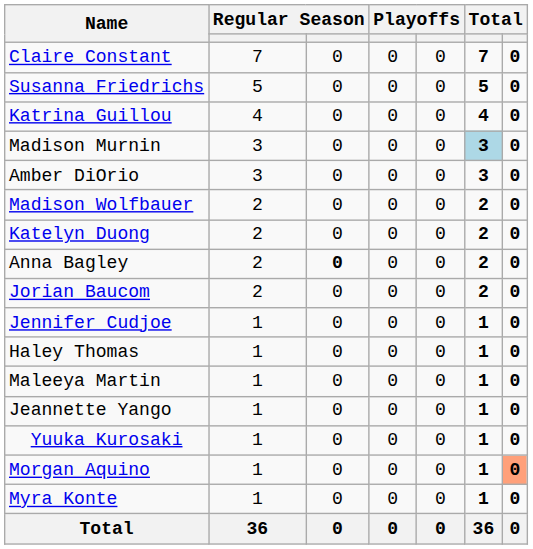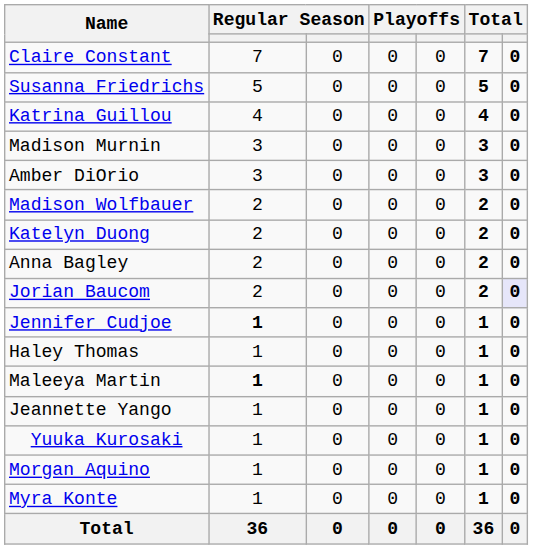 <table class="wikitable sortable" style="text-align: center;">
 <tr>
 <th rowspan="2">Name</th>
 <th colspan="2">Regular Season</th>
 <th colspan="2">Playoffs</th>
 <th colspan="2">Total</th>
 </tr>
 <tr>
 <th></th>
 <th></th>
 <th></th>
 <th></th>
 <th></th>
 <th></th>
 </tr>
 <tr>
 <td align="left"> <a href='#'>Claire Constant</a></td>
 <td>7</td>
 <td>0</td>
 <td>0</td>
 <td>0</td>
 <td><strong>7</strong></td>
 <td><strong>0</strong></td>
 </tr>
 <tr>
 <td align="left"> <a href='#'>Susanna Friedrichs</a></td>
 <td>5</td>
 <td>0</td>
 <td>0</td>
 <td>0</td>
 <td><strong>5</strong></td>
 <td><strong>0</strong></td>
 </tr>
 <tr>
 <td align="left"> <a href='#'>Katrina Guillou</a></td>
 <td>4</td>
 <td>0</td>
 <td>0</td>
 <td>0</td>
 <td><strong>4</strong></td>
 <td><strong>0</strong></td>
 </tr>
 <tr>
 <td align="left"> Madison Murnin</td>
 <td>3</td>
 <td>0</td>
 <td>0</td>
 <td>0</td>
-<td style="background: lightblue;"><strong>3</strong></td>
+<td><strong>3</strong></td>
 <td><strong>0</strong></td>
 </tr>
 <tr>
 <td align="left"> Amber DiOrio</td>
 <td>3</td>
 <td>0</td>
 <td>0</td>
 <td>0</td>
 <td><strong>3</strong></td>
 <td><strong>0</strong></td>
 </tr>
 <tr>
 <td align="left"> <a href='#'>Madison Wolfbauer</a></td>
 <td>2</td>
 <td>0</td>
 <td>0</td>
 <td>0</td>
 <td><strong>2</strong></td>
 <td><strong>0</strong></td>
 </tr>
 <tr>
 <td align="left"> <a href='#'>Katelyn Duong</a></td>
 <td>2</td>
 <td>0</td>
 <td>0</td>
 <td>0</td>
 <td><strong>2</strong></td>
 <td><strong>0</strong></td>
 </tr>
 <tr>
 <td align="left"> Anna Bagley</td>
 <td>2</td>
-<td><strong>0</strong></td>
+<td>0</td>
 <td>0</td>
 <td>0</td>
 <td><strong>2</strong></td>
 <td><strong>0</strong></td>
 </tr>
 <tr>
 <td align="left"> <a href='#'>Jorian Baucom</a></td>
 <td>2</td>
 <td>0</td>
 <td>0</td>
 <td>0</td>
 <td><strong>2</strong></td>
-<td><strong>0</strong></td>
+<td style="background: lavender;"><strong>0</strong></td>
 </tr>
 <tr>
 <td align="left"> <a href='#'>Jennifer Cudjoe</a></td>
-<td>1</td>
+<td><strong>1</strong></td>
 <td>0</td>
 <td>0</td>
 <td>0</td>
 <td><strong>1</strong></td>
 <td><strong>0</strong></td>
 </tr>
 <tr>
 <td align="left"> Haley Thomas</td>
 <td>1</td>
 <td>0</td>
 <td>0</td>
 <td>0</td>
 <td><strong>1</strong></td>
 <td><strong>0</strong></td>
 </tr>
 <tr>
 <td align="left"> Maleeya Martin</td>
-<td>1</td>
+<td><strong>1</strong></td>
 <td>0</td>
 <td>0</td>
 <td>0</td>
 <td><strong>1</strong></td>
 <td><strong>0</strong></td>
 </tr>
 <tr>
 <td align="left"> Jeannette Yango</td>
 <td>1</td>
 <td>0</td>
 <td>0</td>
 <td>0</td>
 <td><strong>1</strong></td>
 <td><strong>0</strong></td>
 </tr>
 <tr>
 <td> <a href='#'>Yuuka Kurosaki</a></td>
 <td>1</td>
 <td>0</td>
 <td>0</td>
 <td>0</td>
 <td><strong>1</strong></td>
 <td><strong>0</strong></td>
 </tr>
 <tr>
 <td align="left"> <a href='#'>Morgan Aquino</a></td>
 <td>1</td>
 <td>0</td>
 <td>0</td>
 <td>0</td>
 <td><strong>1</strong></td>
-<td style="background: lightsalmon;"><strong>0</strong></td>
+<td><strong>0</strong></td>
 </tr>
 <tr>
 <td align="left"> <a href='#'>Myra Konte</a></td>
 <td>1</td>
 <td>0</td>
 <td>0</td>
 <td>0</td>
 <td><strong>1</strong></td>
 <td><strong>0</strong></td>
 </tr>
 <tr>
 <th>Total</th>
 <th>36</th>
 <th>0</th>
 <th>0</th>
 <th>0</th>
 <th>36</th>
 <th>0</th>
 </tr>
 </table>
